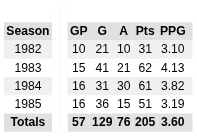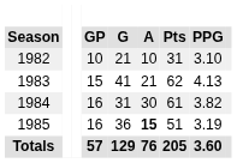 <table BORDER="0" CELLPADDING="3" CELLSPACING="0">
 <tr ALIGN="center" bgcolor="#e0e0e0">
 <th colspan="1" bgcolor="#ffffff"> </th>
 <th rowspan="99" bgcolor="#ffffff"> </th>
 <th rowspan="99" bgcolor="#ffffff"> </th>
 </tr>
 <tr ALIGN="center" bgcolor="#e0e0e0">
 <th>Season</th>
 <th>GP</th>
 <th>G</th>
 <th>A</th>
 <th>Pts</th>
 <th>PPG</th>
 <th></th>
 </tr>
 <tr ALIGN="center" bgcolor="#f0f0f0">
 <td>1982</td>
 <td>10</td>
 <td>21</td>
 <td>10</td>
 <td>31</td>
 <td>3.10</td>
 <td></td>
 </tr>
 <tr ALIGN="center">
 <td>1983</td>
 <td>15</td>
 <td>41</td>
 <td>21</td>
 <td>62</td>
 <td>4.13</td>
 <td></td>
 </tr>
 <tr ALIGN="center" bgcolor="#f0f0f0">
 <td>1984</td>
 <td>16</td>
 <td>31</td>
 <td>30</td>
 <td>61</td>
 <td>3.82</td>
 <td></td>
 </tr>
 <tr ALIGN="center">
 <td>1985</td>
 <td>16</td>
 <td>36</td>
-<td>15</td>
+<td><strong>15</strong></td>
 <td>51</td>
 <td>3.19</td>
 <td></td>
 </tr>
 <tr ALIGN="center" bgcolor="#e0e0e0">
 <th colspan="1.5">Totals</th>
 <th>57</th>
 <th>129</th>
 <th>76</th>
 <th>205</th>
 <th>3.60</th>
 <th></th>
 </tr>
 </table>
